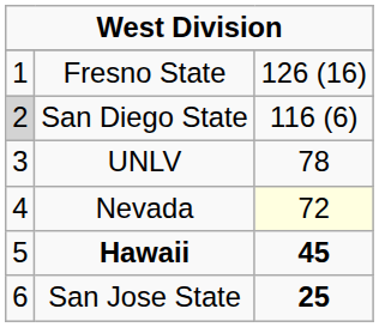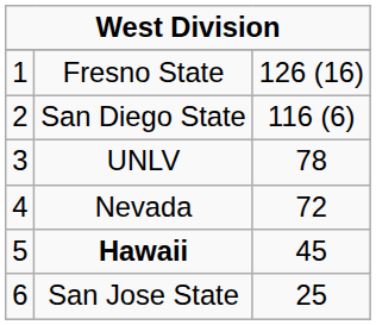 <table class="wikitable">
 <tr align="center">
 <td align="center" Colspan="3"><strong>West Division</strong></td>
 </tr>
 <tr align="center">
 </tr>
 <tr align="center">
 <td>1</td>
 <td>Fresno State</td>
 <td>126 (16)</td>
 </tr>
 <tr align="center">
-<td style="background: lightgrey;">2</td>
+<td>2</td>
 <td>San Diego State</td>
 <td>116 (6)</td>
 </tr>
 <tr align="center">
 <td>3</td>
 <td>UNLV</td>
 <td>78</td>
 </tr>
 <tr align="center">
 <td>4</td>
 <td>Nevada</td>
-<td style="background: lightyellow;">72</td>
+<td>72</td>
 </tr>
 <tr align="center">
 <td>5</td>
 <td><strong>Hawaii</strong></td>
-<td><strong>45</strong></td>
+<td>45</td>
 </tr>
 <tr align="center">
 <td>6</td>
 <td>San Jose State</td>
-<td><strong>25</strong></td>
+<td>25</td>
 </tr>
 </table>
